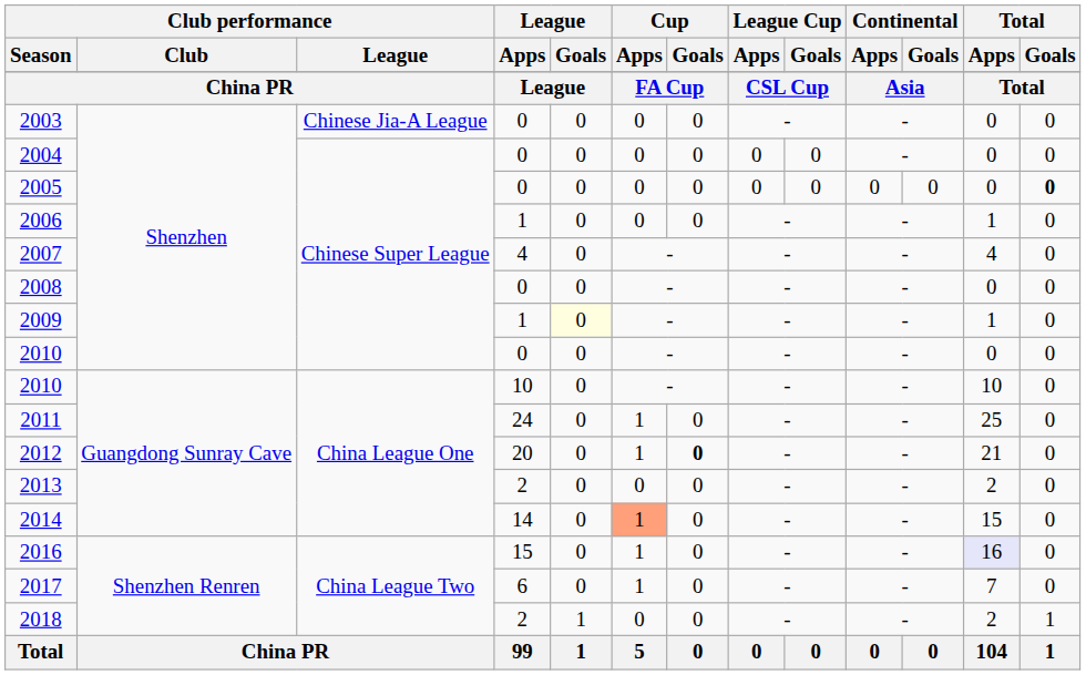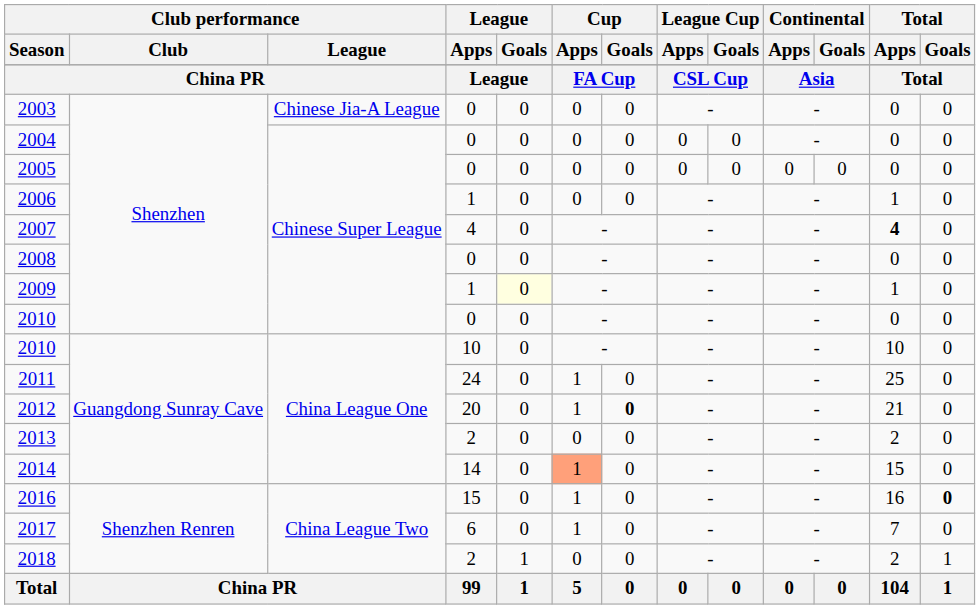 <table class="wikitable" style="text-align:center">
 <tr>
 <th colspan=3>Club performance</th>
 <th colspan=2>League</th>
 <th colspan=2>Cup</th>
 <th colspan=2>League Cup</th>
 <th colspan=2>Continental</th>
 <th colspan=2>Total</th>
 </tr>
 <tr>
 <th>Season</th>
 <th>Club</th>
 <th>League</th>
 <th>Apps</th>
 <th>Goals</th>
 <th>Apps</th>
 <th>Goals</th>
 <th>Apps</th>
 <th>Goals</th>
 <th>Apps</th>
 <th>Goals</th>
 <th>Apps</th>
 <th>Goals</th>
 </tr>
 <tr>
 </tr>
 <tr>
 <th colspan=3>China PR</th>
 <th colspan=2>League</th>
 <th colspan=2><a href='#'>FA Cup</a></th>
 <th colspan=2><a href='#'>CSL Cup</a></th>
 <th colspan=2><a href='#'>Asia</a></th>
 <th colspan=2>Total</th>
 </tr>
 <tr>
 <td><a href='#'>2003</a></td>
 <td rowspan="8"><a href='#'>Shenzhen</a></td>
 <td><a href='#'>Chinese Jia-A League</a></td>
 <td>0</td>
 <td>0</td>
 <td>0</td>
 <td>0</td>
 <td colspan="2">-</td>
 <td colspan="2">-</td>
 <td>0</td>
 <td>0</td>
 </tr>
 <tr>
 <td><a href='#'>2004</a></td>
 <td rowspan="7"><a href='#'>Chinese Super League</a></td>
 <td>0</td>
 <td>0</td>
 <td>0</td>
 <td>0</td>
 <td>0</td>
 <td>0</td>
 <td colspan="2">-</td>
 <td>0</td>
 <td>0</td>
 </tr>
 <tr>
 <td><a href='#'>2005</a></td>
 <td>0</td>
 <td>0</td>
 <td>0</td>
 <td>0</td>
 <td>0</td>
 <td>0</td>
 <td>0</td>
 <td>0</td>
 <td>0</td>
-<td><strong>0</strong></td>
+<td>0</td>
 </tr>
 <tr>
 <td><a href='#'>2006</a></td>
 <td>1</td>
 <td>0</td>
 <td>0</td>
 <td>0</td>
 <td colspan="2">-</td>
 <td colspan="2">-</td>
 <td>1</td>
 <td>0</td>
 </tr>
 <tr>
 <td><a href='#'>2007</a></td>
 <td>4</td>
 <td>0</td>
 <td colspan="2">-</td>
 <td colspan="2">-</td>
 <td colspan="2">-</td>
-<td>4</td>
+<td><strong>4</strong></td>
 <td>0</td>
 </tr>
 <tr>
 <td><a href='#'>2008</a></td>
 <td>0</td>
 <td>0</td>
 <td colspan="2">-</td>
 <td colspan="2">-</td>
 <td colspan="2">-</td>
 <td>0</td>
 <td>0</td>
 </tr>
 <tr>
 <td><a href='#'>2009</a></td>
 <td>1</td>
 <td style="background: lightyellow;">0</td>
 <td colspan="2">-</td>
 <td colspan="2">-</td>
 <td colspan="2">-</td>
 <td>1</td>
 <td>0</td>
 </tr>
 <tr>
 <td><a href='#'>2010</a></td>
 <td>0</td>
 <td>0</td>
 <td colspan="2">-</td>
 <td colspan="2">-</td>
 <td colspan="2">-</td>
 <td>0</td>
 <td>0</td>
 </tr>
 <tr>
 <td><a href='#'>2010</a></td>
 <td rowspan="5"><a href='#'>Guangdong Sunray Cave</a></td>
 <td rowspan="5"><a href='#'>China League One</a></td>
 <td>10</td>
 <td>0</td>
 <td colspan="2">-</td>
 <td colspan="2">-</td>
 <td colspan="2">-</td>
 <td>10</td>
 <td>0</td>
 </tr>
 <tr>
 <td><a href='#'>2011</a></td>
 <td>24</td>
 <td>0</td>
 <td>1</td>
 <td>0</td>
 <td colspan="2">-</td>
 <td colspan="2">-</td>
 <td>25</td>
 <td>0</td>
 </tr>
 <tr>
 <td><a href='#'>2012</a></td>
 <td>20</td>
 <td>0</td>
 <td>1</td>
 <td><strong>0</strong></td>
 <td colspan="2">-</td>
 <td colspan="2">-</td>
 <td>21</td>
 <td>0</td>
 </tr>
 <tr>
 <td><a href='#'>2013</a></td>
 <td>2</td>
 <td>0</td>
 <td>0</td>
 <td>0</td>
 <td colspan="2">-</td>
 <td colspan="2">-</td>
 <td>2</td>
 <td>0</td>
 </tr>
 <tr>
 <td><a href='#'>2014</a></td>
 <td>14</td>
 <td>0</td>
 <td style="background: lightsalmon;">1</td>
 <td>0</td>
 <td colspan="2">-</td>
 <td colspan="2">-</td>
 <td>15</td>
 <td>0</td>
 </tr>
 <tr>
 <td><a href='#'>2016</a></td>
 <td rowspan="3"><a href='#'>Shenzhen Renren</a></td>
 <td rowspan="3"><a href='#'>China League Two</a></td>
 <td>15</td>
 <td>0</td>
 <td>1</td>
 <td>0</td>
 <td colspan="2">-</td>
 <td colspan="2">-</td>
-<td style="background: lavender;">16</td>
-<td>0</td>
+<td>16</td>
+<td><strong>0</strong></td>
 </tr>
 <tr>
 <td><a href='#'>2017</a></td>
 <td>6</td>
 <td>0</td>
 <td>1</td>
 <td>0</td>
 <td colspan="2">-</td>
 <td colspan="2">-</td>
 <td>7</td>
 <td>0</td>
 </tr>
 <tr>
 <td><a href='#'>2018</a></td>
 <td>2</td>
 <td>1</td>
 <td>0</td>
 <td>0</td>
 <td colspan="2">-</td>
 <td colspan="2">-</td>
 <td>2</td>
 <td>1</td>
 </tr>
 <tr>
 <th rowspan=3>Total</th>
 <th colspan=2>China PR</th>
 <th>99</th>
 <th>1</th>
 <th>5</th>
 <th>0</th>
 <th>0</th>
 <th>0</th>
 <th>0</th>
 <th>0</th>
 <th>104</th>
 <th>1</th>
 </tr>
 </table>
